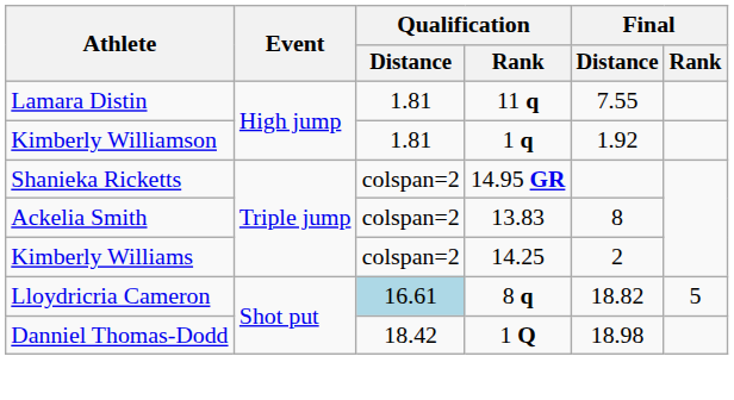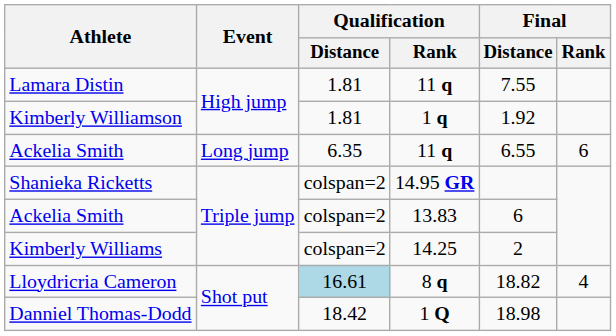 <table class="wikitable" style="font-size:90%; text-align:center">
 <tr>
 <th rowspan=2>Athlete</th>
 <th rowspan=2>Event</th>
 <th colspan=2>Qualification</th>
 <th colspan=2>Final</th>
 </tr>
 <tr style="font-size:95%">
 <th>Distance</th>
 <th>Rank</th>
 <th>Distance</th>
 <th>Rank</th>
 </tr>
 <tr>
 <td align=left><a href='#'>Lamara Distin</a></td>
 <td align=left rowspan=2><a href='#'>High jump</a></td>
 <td>1.81</td>
 <td>11 <strong>q</strong></td>
 <td>7.55</td>
 <td></td>
 </tr>
 <tr>
 <td align=left><a href='#'>Kimberly Williamson</a></td>
 <td>1.81</td>
 <td>1 <strong>q</strong></td>
 <td>1.92</td>
 <td></td>
 </tr>
 <tr>
+<td align=left><a href='#'>Ackelia Smith</a></td>
+<td align=left rowspan=1><a href='#'>Long jump</a></td>
+<td>6.35</td>
+<td>11 <strong>q</strong></td>
+<td>6.55</td>
+<td>6</td>
+</tr>
+<tr>
 <td align=left><a href='#'>Shanieka Ricketts</a></td>
 <td align=left rowspan=3><a href='#'>Triple jump</a></td>
 <td>colspan=2 </td>
 <td>14.95 <strong><a href='#'>GR</a></strong> </td>
 <td></td>
 </tr>
 <tr>
 <td align=left><a href='#'>Ackelia Smith</a></td>
 <td>colspan=2 </td>
 <td>13.83</td>
-<td>8</td>
+<td>6</td>
 </tr>
 <tr>
 <td align=left><a href='#'>Kimberly Williams</a></td>
 <td>colspan=2 </td>
 <td>14.25</td>
 <td>2</td>
 </tr>
 <tr>
 <td align=left><a href='#'>Lloydricria Cameron</a></td>
 <td align=left rowspan=2><a href='#'>Shot put</a></td>
 <td style="background: lightblue;">16.61</td>
 <td>8 <strong>q</strong></td>
 <td>18.82</td>
-<td>5</td>
+<td>4</td>
 </tr>
 <tr>
 <td align=left><a href='#'>Danniel Thomas-Dodd</a></td>
 <td>18.42</td>
 <td>1 <strong>Q</strong></td>
 <td>18.98</td>
 <td></td>
 </tr>
 </table>
